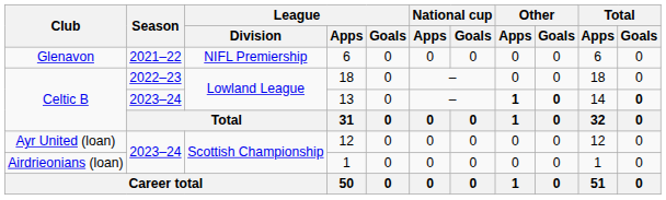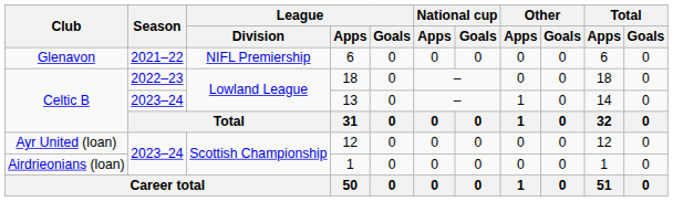 <table class=wikitable style=text-align:center>
 <tr>
 <th rowspan=2>Club</th>
 <th rowspan=2>Season</th>
 <th colspan=3>League</th>
 <th colspan=2>National cup</th>
 <th colspan=2>Other</th>
 <th colspan=2>Total</th>
 </tr>
 <tr>
 <th>Division</th>
 <th>Apps</th>
 <th>Goals</th>
 <th>Apps</th>
 <th>Goals</th>
 <th>Apps</th>
 <th>Goals</th>
 <th>Apps</th>
 <th>Goals</th>
 </tr>
 <tr>
 <td><a href='#'>Glenavon</a></td>
 <td><a href='#'>2021–22</a></td>
 <td><a href='#'>NIFL Premiership</a></td>
 <td>6</td>
 <td>0</td>
 <td>0</td>
 <td>0</td>
 <td>0</td>
 <td>0</td>
 <td>6</td>
 <td>0</td>
 </tr>
 <tr>
 <td rowspan="3"><a href='#'>Celtic B</a></td>
 <td><a href='#'>2022–23</a></td>
 <td rowspan="2"><a href='#'>Lowland League</a></td>
 <td>18</td>
 <td>0</td>
 <td colspan="2">–</td>
 <td>0</td>
 <td>0</td>
 <td>18</td>
 <td>0</td>
 </tr>
 <tr>
 <td><a href='#'>2023–24</a></td>
 <td>13</td>
 <td>0</td>
 <td colspan="2">–</td>
-<td><strong>1</strong></td>
-<td><strong>0</strong></td>
+<td>1</td>
+<td>0</td>
 <td>14</td>
-<td><strong>0</strong></td>
+<td>0</td>
 </tr>
 <tr>
 <th colspan=2>Total</th>
 <th>31</th>
 <th>0</th>
 <th>0</th>
 <th>0</th>
 <th>1</th>
 <th>0</th>
 <th>32</th>
 <th>0</th>
 </tr>
 <tr>
 <td><a href='#'>Ayr United</a> (loan)</td>
 <td rowspan="2"><a href='#'>2023–24</a></td>
 <td rowspan="2"><a href='#'>Scottish Championship</a></td>
 <td>12</td>
 <td>0</td>
 <td>0</td>
 <td>0</td>
 <td>0</td>
 <td>0</td>
 <td>12</td>
 <td>0</td>
 </tr>
 <tr>
 <td><a href='#'>Airdrieonians</a> (loan)</td>
 <td>1</td>
 <td>0</td>
 <td>0</td>
 <td>0</td>
 <td>0</td>
 <td>0</td>
 <td>1</td>
 <td>0</td>
 </tr>
 <tr>
 <th colspan=3>Career total</th>
 <th>50</th>
 <th>0</th>
 <th>0</th>
 <th>0</th>
 <th>1</th>
 <th>0</th>
 <th>51</th>
 <th>0</th>
 </tr>
 </table>
